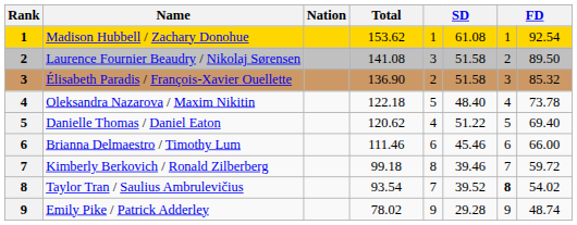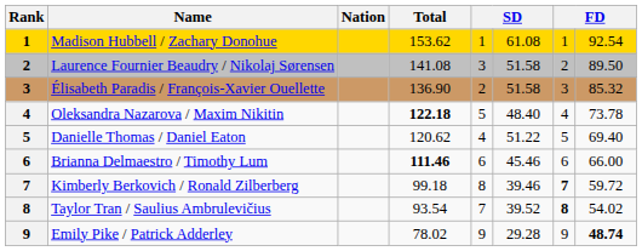 <table class="wikitable sortable">
 <tr>
 <th>Rank</th>
 <th>Name</th>
 <th>Nation</th>
 <th width="80px">Total</th>
 <th colspan="2" width="80px"><a href='#'>SD</a></th>
 <th colspan="2" width="80px"><a href='#'>FD</a></th>
 </tr>
 <tr bgcolor="gold">
 <td align="center"><strong>1</strong></td>
 <td><a href='#'>Madison Hubbell</a> / <a href='#'>Zachary Donohue</a></td>
 <td></td>
 <td align="center">153.62</td>
 <td align="center">1</td>
 <td align="center">61.08</td>
 <td align="center">1</td>
 <td align="center">92.54</td>
 </tr>
 <tr bgcolor="silver">
 <td align="center"><strong>2</strong></td>
 <td><a href='#'>Laurence Fournier Beaudry</a> / <a href='#'>Nikolaj Sørensen</a></td>
 <td></td>
 <td align="center">141.08</td>
 <td align="center">3</td>
 <td align="center">51.58</td>
 <td align="center">2</td>
 <td align="center">89.50</td>
 </tr>
 <tr bgcolor="cc9966">
 <td align="center"><strong>3</strong></td>
 <td><a href='#'>Élisabeth Paradis</a> / <a href='#'>François-Xavier Ouellette</a></td>
 <td></td>
 <td align="center">136.90</td>
 <td align="center">2</td>
 <td align="center">51.58</td>
 <td align="center">3</td>
 <td align="center">85.32</td>
 </tr>
 <tr>
 <th>4</th>
 <td><a href='#'>Oleksandra Nazarova</a> / <a href='#'>Maxim Nikitin</a></td>
 <td></td>
-<td align="center">122.18</td>
+<td align="center"><strong>122.18</strong></td>
 <td align="center">5</td>
 <td align="center">48.40</td>
 <td align="center">4</td>
 <td align="center">73.78</td>
 </tr>
 <tr>
 <th>5</th>
 <td><a href='#'>Danielle Thomas</a> / <a href='#'>Daniel Eaton</a></td>
 <td></td>
 <td align="center">120.62</td>
 <td align="center">4</td>
 <td align="center">51.22</td>
 <td align="center">5</td>
 <td align="center">69.40</td>
 </tr>
 <tr>
 <th>6</th>
 <td><a href='#'>Brianna Delmaestro</a> / <a href='#'>Timothy Lum</a></td>
 <td></td>
-<td align="center">111.46</td>
+<td align="center"><strong>111.46</strong></td>
 <td align="center">6</td>
 <td align="center">45.46</td>
 <td align="center">6</td>
 <td align="center">66.00</td>
 </tr>
 <tr>
 <th>7</th>
 <td><a href='#'>Kimberly Berkovich</a> / <a href='#'>Ronald Zilberberg</a></td>
 <td></td>
 <td align="center">99.18</td>
 <td align="center">8</td>
 <td align="center">39.46</td>
-<td align="center">7</td>
+<td align="center"><strong>7</strong></td>
 <td align="center">59.72</td>
 </tr>
 <tr>
 <th>8</th>
 <td><a href='#'>Taylor Tran</a> / <a href='#'>Saulius Ambrulevičius</a></td>
 <td></td>
 <td align="center">93.54</td>
 <td align="center">7</td>
 <td align="center">39.52</td>
 <td align="center"><strong>8</strong></td>
 <td align="center">54.02</td>
 </tr>
 <tr>
 <th>9</th>
 <td><a href='#'>Emily Pike</a> / <a href='#'>Patrick Adderley</a></td>
 <td></td>
 <td align="center">78.02</td>
 <td align="center">9</td>
 <td align="center">29.28</td>
 <td align="center">9</td>
-<td align="center">48.74</td>
+<td align="center"><strong>48.74</strong></td>
 </tr>
 </table>
